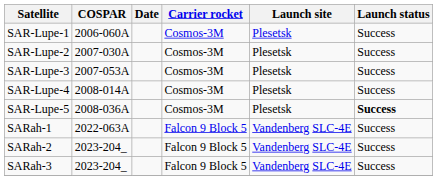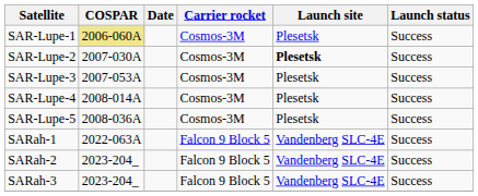 <table class="wikitable">
 <tr>
 <th>Satellite</th>
 <th>COSPAR</th>
 <th>Date</th>
 <th><a href='#'>Carrier rocket</a></th>
 <th>Launch site</th>
 <th>Launch status</th>
 </tr>
 <tr>
 <td>SAR-Lupe-1</td>
-<td>2006-060A</td>
+<td style="background: khaki;">2006-060A</td>
 <td></td>
 <td><a href='#'>Cosmos-3M</a></td>
 <td><a href='#'>Plesetsk</a></td>
 <td>Success</td>
 </tr>
 <tr>
 <td>SAR-Lupe-2</td>
 <td>2007-030A</td>
 <td></td>
 <td>Cosmos-3M </td>
-<td>Plesetsk</td>
+<td><strong>Plesetsk</strong></td>
 <td>Success</td>
 </tr>
 <tr>
 <td>SAR-Lupe-3</td>
 <td>2007-053A</td>
 <td></td>
 <td>Cosmos-3M </td>
 <td>Plesetsk</td>
 <td>Success</td>
 </tr>
 <tr>
 <td>SAR-Lupe-4</td>
 <td>2008-014A</td>
 <td></td>
 <td>Cosmos-3M </td>
 <td>Plesetsk</td>
 <td>Success</td>
 </tr>
 <tr>
 <td>SAR-Lupe-5</td>
 <td>2008-036A</td>
 <td></td>
 <td>Cosmos-3M </td>
 <td>Plesetsk</td>
-<td><strong>Success</strong></td>
+<td>Success</td>
 </tr>
 <tr>
 <td>SARah-1</td>
 <td>2022-063A</td>
 <td></td>
 <td><a href='#'>Falcon 9 Block 5</a></td>
 <td><a href='#'>Vandenberg</a> <a href='#'>SLC-4E</a></td>
 <td>Success</td>
 </tr>
 <tr>
 <td>SARah-2</td>
 <td>2023-204_</td>
 <td></td>
 <td>Falcon 9 Block 5</td>
 <td><a href='#'>Vandenberg</a> <a href='#'>SLC-4E</a></td>
 <td>Success</td>
 </tr>
 <tr>
 <td>SARah-3</td>
 <td>2023-204_</td>
 <td></td>
 <td>Falcon 9 Block 5</td>
 <td><a href='#'>Vandenberg</a> <a href='#'>SLC-4E</a></td>
 <td>Success</td>
 </tr>
 <tr>
 </tr>
 </table>
